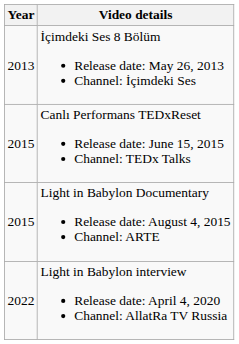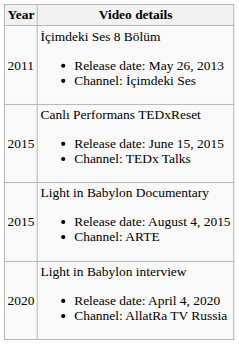 <table class="wikitable">
 <tr>
 <th>Year</th>
 <th>Video details</th>
 </tr>
 <tr>
-<td>2013</td>
+<td>2011</td>
 <td>İçimdeki Ses 8 Bölüm<br><ul><li>Release date: May 26, 2013</li><li>Channel: İçimdeki Ses</li></ul></td>
 </tr>
 <tr>
 <td>2015</td>
 <td>Canlı Performans TEDxReset<br><ul><li>Release date: June 15, 2015</li><li>Channel: TEDx Talks</li></ul></td>
 </tr>
 <tr>
 <td>2015</td>
 <td>Light in Babylon Documentary<br><ul><li>Release date: August 4, 2015</li><li>Channel: ARTE</li></ul></td>
 </tr>
 <tr>
-<td>2022</td>
+<td>2020</td>
 <td>Light in Babylon interview<br><ul><li>Release date: April 4, 2020</li><li>Channel: AllatRa TV Russia</li></ul></td>
 </tr>
 </table>
